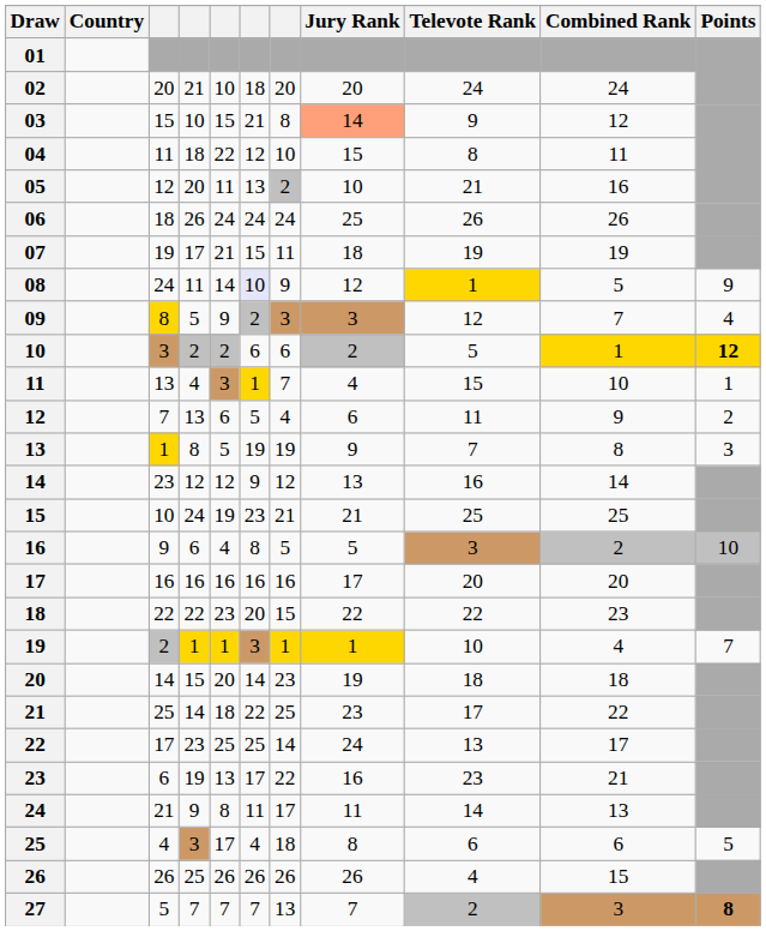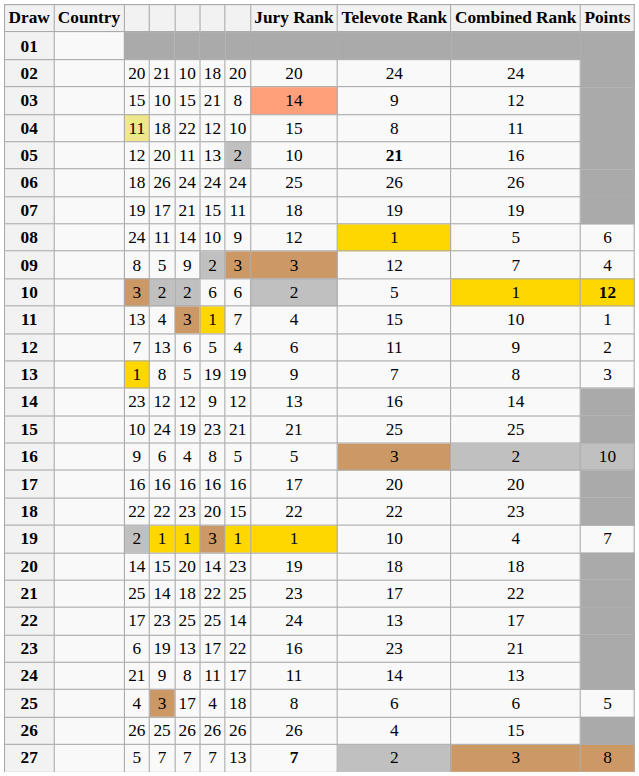 <table class="sortable wikitable collapsible plainrowheaders" style="text-align:center;">
 <tr>
 </tr>
 <tr>
 <th scope="col">Draw</th>
 <th scope="col">Country</th>
 <th scope="col"><small></small></th>
 <th scope="col"><small></small></th>
 <th scope="col"><small></small></th>
 <th scope="col"><small></small></th>
 <th scope="col"><small></small></th>
 <th scope="col">Jury Rank</th>
 <th scope="col">Televote Rank</th>
 <th scope="col">Combined Rank</th>
 <th scope="col">Points</th>
 </tr>
 <tr class="sortbottom">
 <th scope="row" style="text-align:center;">01</th>
 <td style="text-align:left;"></td>
 <td style="background:#AAAAAA;"></td>
 <td style="background:#AAAAAA;"></td>
 <td style="background:#AAAAAA;"></td>
 <td style="background:#AAAAAA;"></td>
 <td style="background:#AAAAAA;"></td>
 <td style="background:#AAAAAA;"></td>
 <td style="background:#AAAAAA;"></td>
 <td style="background:#AAAAAA;"></td>
 <td style="background:#AAAAAA;"></td>
 </tr>
 <tr>
 <th scope="row" style="text-align:center;">02</th>
 <td style="text-align:left;"></td>
 <td>20</td>
 <td>21</td>
 <td>10</td>
 <td>18</td>
 <td>20</td>
 <td>20</td>
 <td>24</td>
 <td>24</td>
 <td style="background:#AAAAAA;"></td>
 </tr>
 <tr>
 <th scope="row" style="text-align:center;">03</th>
 <td style="text-align:left;"></td>
 <td>15</td>
 <td>10</td>
 <td>15</td>
 <td>21</td>
 <td>8</td>
 <td style="background: lightsalmon;">14</td>
 <td>9</td>
 <td>12</td>
 <td style="background:#AAAAAA;"></td>
 </tr>
 <tr>
 <th scope="row" style="text-align:center;">04</th>
 <td style="text-align:left;"></td>
-<td>11</td>
+<td style="background: khaki;">11</td>
 <td>18</td>
 <td>22</td>
 <td>12</td>
 <td>10</td>
 <td>15</td>
 <td>8</td>
 <td>11</td>
 <td style="background:#AAAAAA;"></td>
 </tr>
 <tr>
 <th scope="row" style="text-align:center;">05</th>
 <td style="text-align:left;"></td>
 <td>12</td>
 <td>20</td>
 <td>11</td>
 <td>13</td>
 <td style="background:silver;">2</td>
 <td>10</td>
-<td>21</td>
+<td><strong>21</strong></td>
 <td>16</td>
 <td style="background:#AAAAAA;"></td>
 </tr>
 <tr>
 <th scope="row" style="text-align:center;">06</th>
 <td style="text-align:left;"></td>
 <td>18</td>
 <td>26</td>
 <td>24</td>
 <td>24</td>
 <td>24</td>
 <td>25</td>
 <td>26</td>
 <td>26</td>
 <td style="background:#AAAAAA;"></td>
 </tr>
 <tr>
 <th scope="row" style="text-align:center;">07</th>
 <td style="text-align:left;"></td>
 <td>19</td>
 <td>17</td>
 <td>21</td>
 <td>15</td>
 <td>11</td>
 <td>18</td>
 <td>19</td>
 <td>19</td>
 <td style="background:#AAAAAA;"></td>
 </tr>
 <tr>
 <th scope="row" style="text-align:center;">08</th>
 <td style="text-align:left;"></td>
 <td>24</td>
 <td>11</td>
 <td>14</td>
-<td style="background: lavender;">10</td>
+<td>10</td>
 <td>9</td>
 <td>12</td>
 <td style="background:gold;">1</td>
 <td>5</td>
-<td>9</td>
+<td>6</td>
 </tr>
 <tr>
 <th scope="row" style="text-align:center;">09</th>
 <td style="text-align:left;"></td>
-<td style="background: gold;">8</td>
+<td>8</td>
 <td>5</td>
 <td>9</td>
 <td style="background:silver;">2</td>
 <td style="background:#CC9966;">3</td>
 <td style="background:#CC9966;">3</td>
 <td>12</td>
 <td>7</td>
 <td>4</td>
 </tr>
 <tr>
 <th scope="row" style="text-align:center;">10</th>
 <td style="text-align:left;"></td>
 <td style="background:#CC9966;">3</td>
 <td style="background:silver;">2</td>
 <td style="background:silver;">2</td>
 <td>6</td>
 <td>6</td>
 <td style="background:silver;">2</td>
 <td>5</td>
 <td style="background:gold;">1</td>
 <td style="background:gold;"><strong>12</strong></td>
 </tr>
 <tr>
 <th scope="row" style="text-align:center;">11</th>
 <td style="text-align:left;"></td>
 <td>13</td>
 <td>4</td>
 <td style="background:#CC9966;">3</td>
 <td style="background:gold;">1</td>
 <td>7</td>
 <td>4</td>
 <td>15</td>
 <td>10</td>
 <td>1</td>
 </tr>
 <tr>
 <th scope="row" style="text-align:center;">12</th>
 <td style="text-align:left;"></td>
 <td>7</td>
 <td>13</td>
 <td>6</td>
 <td>5</td>
 <td>4</td>
 <td>6</td>
 <td>11</td>
 <td>9</td>
 <td>2</td>
 </tr>
 <tr>
 <th scope="row" style="text-align:center;">13</th>
 <td style="text-align:left;"></td>
 <td style="background:gold;">1</td>
 <td>8</td>
 <td>5</td>
 <td>19</td>
 <td>19</td>
 <td>9</td>
 <td>7</td>
 <td>8</td>
 <td>3</td>
 </tr>
 <tr>
 <th scope="row" style="text-align:center;">14</th>
 <td style="text-align:left;"></td>
 <td>23</td>
 <td>12</td>
 <td>12</td>
 <td>9</td>
 <td>12</td>
 <td>13</td>
 <td>16</td>
 <td>14</td>
 <td style="background:#AAAAAA;"></td>
 </tr>
 <tr>
 <th scope="row" style="text-align:center;">15</th>
 <td style="text-align:left;"></td>
 <td>10</td>
 <td>24</td>
 <td>19</td>
 <td>23</td>
 <td>21</td>
 <td>21</td>
 <td>25</td>
 <td>25</td>
 <td style="background:#AAAAAA;"></td>
 </tr>
 <tr>
 <th scope="row" style="text-align:center;">16</th>
 <td style="text-align:left;"></td>
 <td>9</td>
 <td>6</td>
 <td>4</td>
 <td>8</td>
 <td>5</td>
 <td>5</td>
 <td style="background:#CC9966;">3</td>
 <td style="background:silver;">2</td>
 <td style="background:silver;">10</td>
 </tr>
 <tr>
 <th scope="row" style="text-align:center;">17</th>
 <td style="text-align:left;"></td>
 <td>16</td>
 <td>16</td>
 <td>16</td>
 <td>16</td>
 <td>16</td>
 <td>17</td>
 <td>20</td>
 <td>20</td>
 <td style="background:#AAAAAA;"></td>
 </tr>
 <tr>
 <th scope="row" style="text-align:center;">18</th>
 <td style="text-align:left;"></td>
 <td>22</td>
 <td>22</td>
 <td>23</td>
 <td>20</td>
 <td>15</td>
 <td>22</td>
 <td>22</td>
 <td>23</td>
 <td style="background:#AAAAAA;"></td>
 </tr>
 <tr>
 <th scope="row" style="text-align:center;">19</th>
 <td style="text-align:left;"></td>
 <td style="background:silver;">2</td>
 <td style="background:gold;">1</td>
 <td style="background:gold;">1</td>
 <td style="background:#CC9966;">3</td>
 <td style="background:gold;">1</td>
 <td style="background:gold;">1</td>
 <td>10</td>
 <td>4</td>
 <td>7</td>
 </tr>
 <tr>
 <th scope="row" style="text-align:center;">20</th>
 <td style="text-align:left;"></td>
 <td>14</td>
 <td>15</td>
 <td>20</td>
 <td>14</td>
 <td>23</td>
 <td>19</td>
 <td>18</td>
 <td>18</td>
 <td style="background:#AAAAAA;"></td>
 </tr>
 <tr>
 <th scope="row" style="text-align:center;">21</th>
 <td style="text-align:left;"></td>
 <td>25</td>
 <td>14</td>
 <td>18</td>
 <td>22</td>
 <td>25</td>
 <td>23</td>
 <td>17</td>
 <td>22</td>
 <td style="background:#AAAAAA;"></td>
 </tr>
 <tr>
 <th scope="row" style="text-align:center;">22</th>
 <td style="text-align:left;"></td>
 <td>17</td>
 <td>23</td>
 <td>25</td>
 <td>25</td>
 <td>14</td>
 <td>24</td>
 <td>13</td>
 <td>17</td>
 <td style="background:#AAAAAA;"></td>
 </tr>
 <tr>
 <th scope="row" style="text-align:center;">23</th>
 <td style="text-align:left;"></td>
 <td>6</td>
 <td>19</td>
 <td>13</td>
 <td>17</td>
 <td>22</td>
 <td>16</td>
 <td>23</td>
 <td>21</td>
 <td style="background:#AAAAAA;"></td>
 </tr>
 <tr>
 <th scope="row" style="text-align:center;">24</th>
 <td style="text-align:left;"></td>
 <td>21</td>
 <td>9</td>
 <td>8</td>
 <td>11</td>
 <td>17</td>
 <td>11</td>
 <td>14</td>
 <td>13</td>
 <td style="background:#AAAAAA;"></td>
 </tr>
 <tr>
 <th scope="row" style="text-align:center;">25</th>
 <td style="text-align:left;"></td>
 <td>4</td>
 <td style="background:#CC9966;">3</td>
 <td>17</td>
 <td>4</td>
 <td>18</td>
 <td>8</td>
 <td>6</td>
 <td>6</td>
 <td>5</td>
 </tr>
 <tr>
 <th scope="row" style="text-align:center;">26</th>
 <td style="text-align:left;"></td>
 <td>26</td>
 <td>25</td>
 <td>26</td>
 <td>26</td>
 <td>26</td>
 <td>26</td>
 <td>4</td>
 <td>15</td>
 <td style="background:#AAAAAA;"></td>
 </tr>
 <tr>
 <th scope="row" style="text-align:center;">27</th>
 <td style="text-align:left;"></td>
 <td>5</td>
 <td>7</td>
 <td>7</td>
 <td>7</td>
 <td>13</td>
-<td>7</td>
+<td><strong>7</strong></td>
 <td style="background:silver;">2</td>
 <td style="background:#CC9966;">3</td>
-<td style="background:#CC9966;"><strong>8</strong></td>
+<td style="background:#CC9966;">8</td>
 </tr>
 </table>
